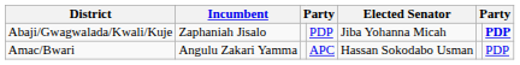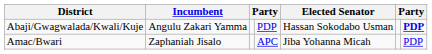 <table class="sortable wikitable" style="font-size:95%;line-height:14px;">
 <tr>
 <th class="unsortable">District</th>
 <th class="unsortable"><a href='#'>Incumbent</a></th>
 <th colspan="2">Party</th>
 <th class="unsortable">Elected Senator</th>
 <th colspan="2">Party</th>
 </tr>
 <tr>
 <td>Abaji/Gwagwalada/Kwali/Kuje</td>
-<td>Zaphaniah Jisalo</td>
+<td>Angulu Zakari Yamma</td>
 <td style="background:"></td>
 <td><a href='#'>PDP</a></td>
-<td>Jiba Yohanna Micah</td>
+<td>Hassan Sokodabo Usman</td>
 <td style="background:"></td>
 <td><strong><a href='#'>PDP</a></strong></td>
 </tr>
 <tr>
 <td>Amac/Bwari</td>
-<td>Angulu Zakari Yamma</td>
+<td>Zaphaniah Jisalo</td>
 <td style="background:"></td>
 <td><a href='#'>APC</a></td>
-<td>Hassan Sokodabo Usman</td>
+<td>Jiba Yohanna Micah</td>
 <td style="background:"></td>
 <td><a href='#'>PDP</a></td>
 </tr>
 </table>
